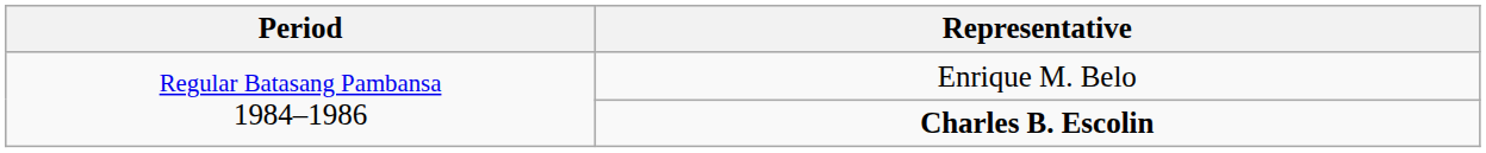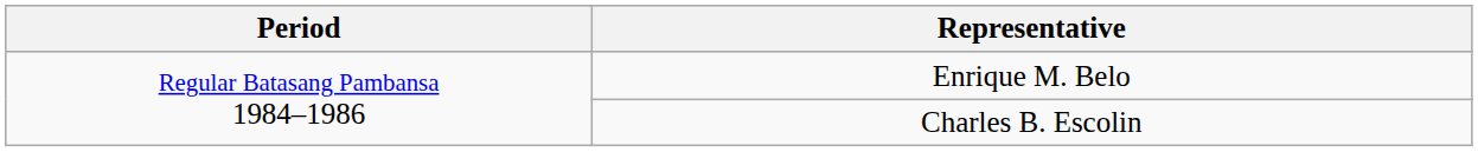 <table class="wikitable" style="text-align:center; width:40%;">
 <tr>
 <th width="40%">Period</th>
 <th>Representative</th>
 </tr>
 <tr>
 <td rowspan="2"><small><a href='#'>Regular Batasang Pambansa</a></small><br>1984–1986</td>
 <td>Enrique M. Belo</td>
 </tr>
 <tr>
-<td><strong>Charles B. Escolin</strong></td>
+<td>Charles B. Escolin</td>
 </tr>
 </table>
